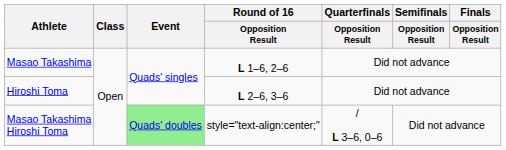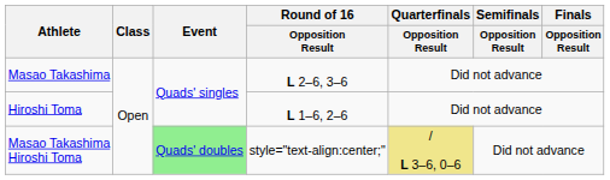 <table class=wikitable style="font-size:90%">
 <tr>
 <th rowspan="2">Athlete</th>
 <th rowspan="2">Class</th>
 <th rowspan="2">Event</th>
 <th>Round of 16</th>
 <th>Quarterfinals</th>
 <th>Semifinals</th>
 <th>Finals</th>
 </tr>
 <tr>
 <th style="line-height:1em"><small>Opposition<br>Result</small></th>
 <th style="line-height:1em"><small>Opposition<br>Result</small></th>
 <th style="line-height:1em"><small>Opposition<br>Result</small></th>
 <th style="line-height:1em"><small>Opposition<br>Result</small></th>
 </tr>
 <tr>
 <td><a href='#'>Masao Takashima</a></td>
 <td rowspan="3" style="text-align:center;">Open</td>
 <td rowspan="2"><a href='#'>Quads' singles</a></td>
-<td style="text-align:center;"><br><strong>L</strong> 1–6, 2–6</td>
+<td style="text-align:center;"><br><strong>L</strong> 2–6, 3–6</td>
 <td style="text-align:center;" colspan="3">Did not advance</td>
 </tr>
 <tr>
 <td><a href='#'>Hiroshi Toma</a></td>
-<td style="text-align:center;"><br><strong>L</strong> 2–6, 3–6</td>
+<td style="text-align:center;"><br><strong>L</strong> 1–6, 2–6</td>
 <td style="text-align:center;" colspan="3">Did not advance</td>
 </tr>
 <tr>
 <td><a href='#'>Masao Takashima</a><br> <a href='#'>Hiroshi Toma</a></td>
 <td style="background: lightgreen; text-align:center;"><a href='#'>Quads' doubles</a></td>
 <td>style="text-align:center;" </td>
-<td style="text-align:center;"> / <br> <br><strong>L</strong> 3–6, 0–6</td>
+<td style="background: khaki; text-align:center;"> / <br> <br><strong>L</strong> 3–6, 0–6</td>
 <td style="text-align:center;" colspan="2">Did not advance</td>
 </tr>
 </table>
